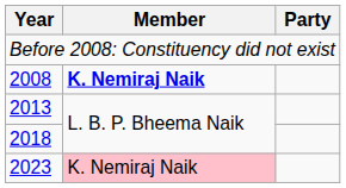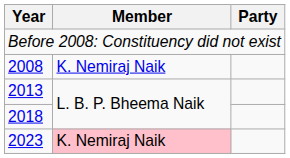 <table class="wikitable sortable">
 <tr>
 <th>Year</th>
 <th>Member</th>
 <th colspan=2>Party</th>
 </tr>
 <tr>
 <td colspan="4"><em>Before 2008: Constituency did not exist</em></td>
 </tr>
 <tr>
 <td><a href='#'>2008</a></td>
-<td><strong><a href='#'>K. Nemiraj Naik</a></strong></td>
+<td><a href='#'>K. Nemiraj Naik</a></td>
 <td></td>
 </tr>
 <tr>
 <td><a href='#'>2013</a></td>
 <td rowspan=2>L. B. P. Bheema Naik</td>
 <td></td>
 </tr>
 <tr>
 <td><a href='#'>2018</a></td>
 <td></td>
 </tr>
 <tr>
 <td><a href='#'>2023</a></td>
 <td style="background: pink;">K. Nemiraj Naik</td>
 <td></td>
 </tr>
 </table>
